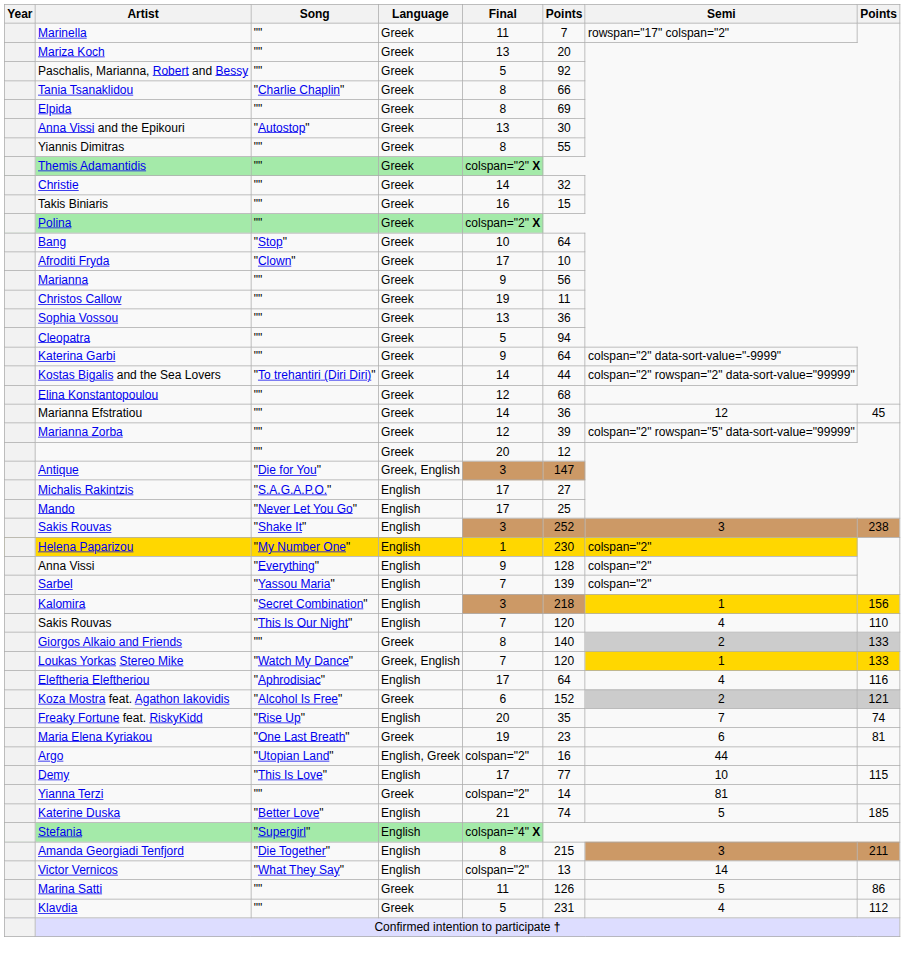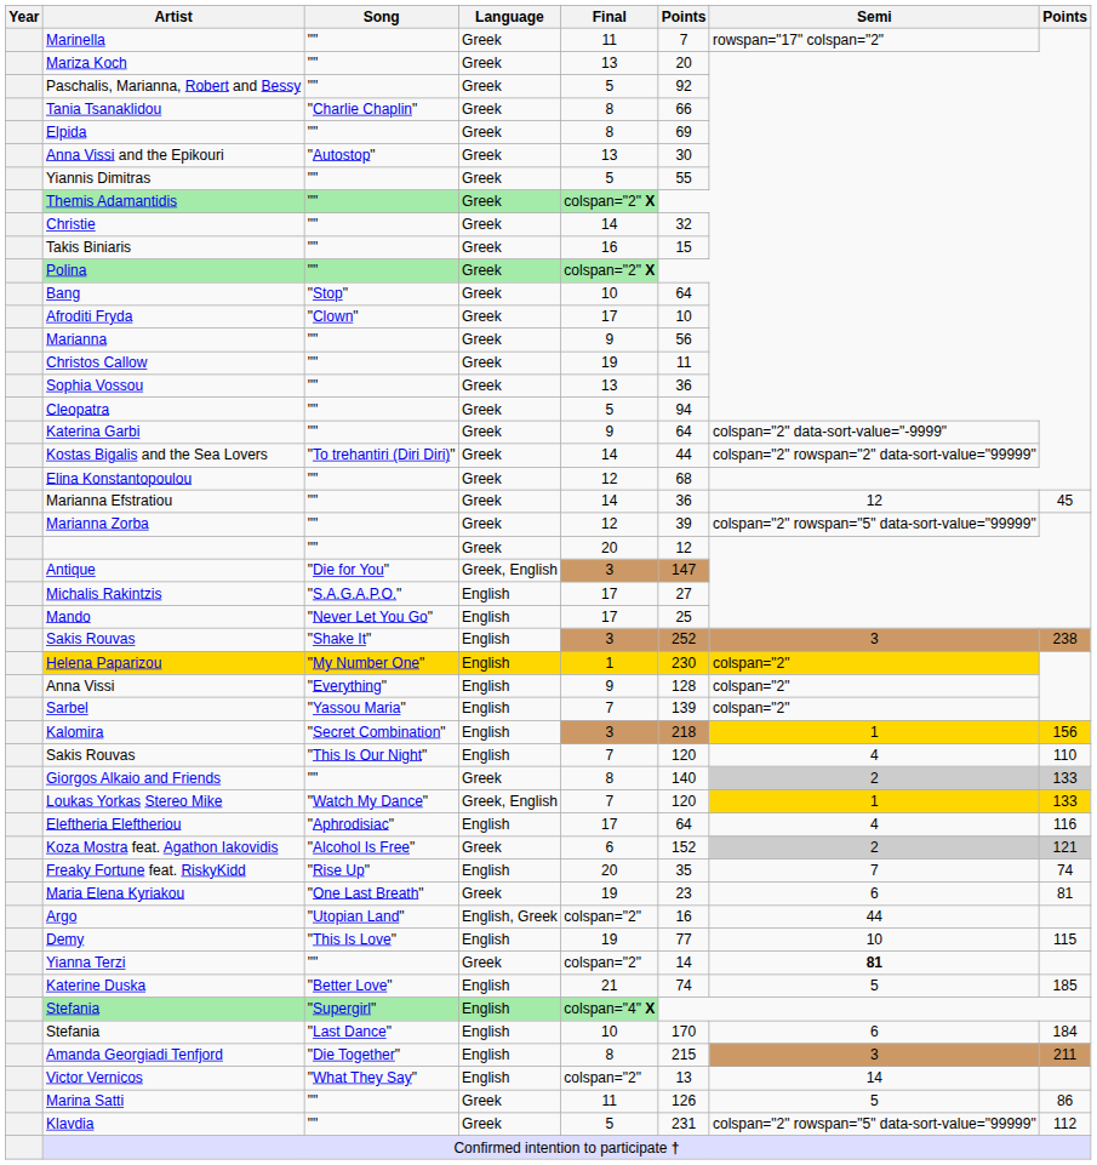 <table class="wikitable sortable plainrowheaders">
 <tr>
 <th scope="col">Year</th>
 <th scope="col">Artist</th>
 <th scope="col">Song</th>
 <th scope="col">Language</th>
 <th scope="col" data-sort-type="number">Final</th>
 <th scope="col" data-sort-type="number">Points</th>
 <th scope="col" data-sort-type="number">Semi</th>
 <th scope="col" data-sort-type="number">Points</th>
 </tr>
 <tr>
 <th scope="row" style="text-align:center;"></th>
 <td><a href='#'>Marinella</a></td>
 <td>"" </td>
 <td>Greek</td>
 <td style="text-align:center;">11</td>
 <td style="text-align:center;">7</td>
 <td>rowspan="17" colspan="2" </td>
 </tr>
 <tr>
 <th scope="row" style="text-align:center;"></th>
 <td><a href='#'>Mariza Koch</a></td>
 <td>"" </td>
 <td>Greek</td>
 <td style="text-align:center;">13</td>
 <td style="text-align:center;">20</td>
 </tr>
 <tr>
 <th scope="row" style="text-align:center;"></th>
 <td>Paschalis, Marianna, <a href='#'>Robert</a> and <a href='#'>Bessy</a></td>
 <td>"" </td>
 <td>Greek</td>
 <td style="text-align:center;">5</td>
 <td style="text-align:center;">92</td>
 </tr>
 <tr>
 <th scope="row" style="text-align:center;"></th>
 <td><a href='#'>Tania Tsanaklidou</a></td>
 <td>"<a href='#'>Charlie Chaplin</a>" </td>
 <td>Greek</td>
 <td style="text-align:center;">8</td>
 <td style="text-align:center;">66</td>
 </tr>
 <tr>
 <th scope="row" style="text-align:center;"></th>
 <td><a href='#'>Elpida</a></td>
 <td>"" </td>
 <td>Greek</td>
 <td style="text-align:center;">8</td>
 <td style="text-align:center;">69</td>
 </tr>
 <tr>
 <th scope="row" style="text-align:center;"></th>
 <td><a href='#'>Anna Vissi</a> and the Epikouri</td>
 <td>"<a href='#'>Autostop</a>" </td>
 <td>Greek</td>
 <td style="text-align:center;">13</td>
 <td style="text-align:center;">30</td>
 </tr>
 <tr>
 <th scope="row" style="text-align:center;"></th>
 <td>Yiannis Dimitras</td>
 <td>"" </td>
 <td>Greek</td>
-<td style="text-align:center;">8</td>
+<td style="text-align:center;">5</td>
 <td style="text-align:center;">55</td>
 </tr>
 <tr style="background-color:#A4EAA9;">
 <th scope="row" style="text-align:center;"></th>
 <td><a href='#'>Themis Adamantidis</a></td>
 <td>"" </td>
 <td>Greek</td>
 <td>colspan="2"  <strong>X</strong></td>
 </tr>
 <tr>
 <th scope="row" style="text-align:center;"></th>
 <td><a href='#'>Christie</a></td>
 <td>"" </td>
 <td>Greek</td>
 <td style="text-align:center;">14</td>
 <td style="text-align:center;">32</td>
 </tr>
 <tr>
 <th scope="row" style="text-align:center;"></th>
 <td>Takis Biniaris</td>
 <td>"" </td>
 <td>Greek</td>
 <td style="text-align:center;">16</td>
 <td style="text-align:center;">15</td>
 </tr>
 <tr style="background-color:#A4EAA9;">
 <th scope="row" style="text-align:center;"></th>
 <td><a href='#'>Polina</a></td>
 <td>"" </td>
 <td>Greek</td>
 <td>colspan="2"  <strong>X</strong></td>
 </tr>
 <tr>
 <th scope="row" style="text-align:center;"></th>
 <td><a href='#'>Bang</a></td>
 <td>"<a href='#'>Stop</a>" </td>
 <td>Greek</td>
 <td style="text-align:center;">10</td>
 <td style="text-align:center;">64</td>
 </tr>
 <tr>
 <th scope="row" style="text-align:center;"></th>
 <td><a href='#'>Afroditi Fryda</a></td>
 <td>"<a href='#'>Clown</a>" </td>
 <td>Greek</td>
 <td style="text-align:center;">17</td>
 <td style="text-align:center;">10</td>
 </tr>
 <tr>
 <th scope="row" style="text-align:center;"></th>
 <td><a href='#'>Marianna</a></td>
 <td>"" </td>
 <td>Greek</td>
 <td style="text-align:center;">9</td>
 <td style="text-align:center;">56</td>
 </tr>
 <tr>
 <th scope="row" style="text-align:center;"></th>
 <td><a href='#'>Christos Callow</a></td>
 <td>"" </td>
 <td>Greek</td>
 <td style="text-align:center;">19</td>
 <td style="text-align:center;">11</td>
 </tr>
 <tr>
 <th scope="row" style="text-align:center;"></th>
 <td><a href='#'>Sophia Vossou</a></td>
 <td>"" </td>
 <td>Greek</td>
 <td style="text-align:center;">13</td>
 <td style="text-align:center;">36</td>
 </tr>
 <tr>
 <th scope="row" style="text-align:center;"></th>
 <td><a href='#'>Cleopatra</a></td>
 <td>"" </td>
 <td>Greek</td>
 <td style="text-align:center;">5</td>
 <td style="text-align:center;">94</td>
 </tr>
 <tr>
 <th scope="row" style="text-align:center;"></th>
 <td><a href='#'>Katerina Garbi</a></td>
 <td>"" </td>
 <td>Greek</td>
 <td style="text-align:center;">9</td>
 <td style="text-align:center;">64</td>
 <td>colspan="2" data-sort-value="-9999" </td>
 </tr>
 <tr>
 <th scope="row" style="text-align:center;"></th>
 <td><a href='#'>Kostas Bigalis</a> and the Sea Lovers</td>
 <td>"<a href='#'><span>To trehantiri</span> (Diri Diri)</a>" </td>
 <td>Greek</td>
 <td style="text-align:center;">14</td>
 <td style="text-align:center;">44</td>
 <td>colspan="2" rowspan="2" data-sort-value="99999" </td>
 </tr>
 <tr>
 <th scope="row" style="text-align:center;"></th>
 <td><a href='#'>Elina Konstantopoulou</a></td>
 <td>"" </td>
 <td>Greek</td>
 <td style="text-align:center;">12</td>
 <td style="text-align:center;">68</td>
 </tr>
 <tr>
 <th scope="row" style="text-align:center;"></th>
 <td>Marianna Efstratiou</td>
 <td>"" </td>
 <td>Greek</td>
 <td style="text-align:center;">14</td>
 <td style="text-align:center;">36</td>
 <td style="text-align:center;">12</td>
 <td style="text-align:center;">45</td>
 </tr>
 <tr>
 <th scope="row" style="text-align:center;"></th>
 <td><a href='#'>Marianna Zorba</a></td>
 <td>"" </td>
 <td>Greek</td>
 <td style="text-align:center;">12</td>
 <td style="text-align:center;">39</td>
 <td>colspan="2" rowspan="5" data-sort-value="99999" </td>
 </tr>
 <tr>
 <th scope="row" style="text-align:center;"></th>
 <td></td>
 <td>"" </td>
 <td>Greek</td>
 <td style="text-align:center;">20</td>
 <td style="text-align:center;">12</td>
 </tr>
 <tr>
 <th scope="row" style="text-align:center;"></th>
 <td><a href='#'>Antique</a></td>
 <td>"<a href='#'>Die for You</a>"</td>
 <td>Greek, English</td>
 <td style="text-align:center; background-color:#C96;">3</td>
 <td style="text-align:center; background-color:#C96;">147</td>
 </tr>
 <tr>
 <th scope="row" style="text-align:center;"></th>
 <td><a href='#'>Michalis Rakintzis</a></td>
 <td>"<a href='#'>S.A.G.A.P.O.</a>"</td>
 <td>English</td>
 <td style="text-align:center;">17</td>
 <td style="text-align:center;">27</td>
 </tr>
 <tr>
 <th scope="row" style="text-align:center;"></th>
 <td><a href='#'>Mando</a></td>
 <td>"<a href='#'>Never Let You Go</a>"</td>
 <td>English</td>
 <td style="text-align:center;">17</td>
 <td style="text-align:center;">25</td>
 </tr>
 <tr>
 <th scope="row" style="text-align:center;"></th>
 <td><a href='#'>Sakis Rouvas</a></td>
 <td>"<a href='#'>Shake It</a>"</td>
 <td>English</td>
 <td style="text-align:center; background-color:#C96;">3</td>
 <td style="text-align:center; background-color:#C96;">252</td>
 <td style="text-align:center; background-color:#C96;">3</td>
 <td style="text-align:center; background-color:#C96;">238</td>
 </tr>
 <tr style="background-color:#FFD700;">
 <th scope="row" style="text-align:center;"></th>
 <td><a href='#'>Helena Paparizou</a></td>
 <td>"<a href='#'>My Number One</a>"</td>
 <td>English</td>
 <td style="text-align:center;">1</td>
 <td style="text-align:center;">230</td>
 <td>colspan="2" </td>
 </tr>
 <tr>
 <th scope="row" style="text-align:center;"></th>
 <td>Anna Vissi</td>
 <td>"<a href='#'>Everything</a>"</td>
 <td>English</td>
 <td style="text-align:center;">9</td>
 <td style="text-align:center;">128</td>
 <td>colspan="2" </td>
 </tr>
 <tr>
 <th scope="row" style="text-align:center;"></th>
 <td><a href='#'>Sarbel</a></td>
 <td>"<a href='#'>Yassou Maria</a>" </td>
 <td>English</td>
 <td style="text-align:center;">7</td>
 <td style="text-align:center;">139</td>
 <td>colspan="2" </td>
 </tr>
 <tr>
 <th scope="row" style="text-align:center;"></th>
 <td><a href='#'>Kalomira</a></td>
 <td>"<a href='#'>Secret Combination</a>"</td>
 <td>English</td>
 <td style="text-align:center; background-color:#C96;">3</td>
 <td style="text-align:center; background-color:#C96;">218</td>
 <td style="text-align:center; background-color:#FFD700;">1</td>
 <td style="text-align:center; background-color:#FFD700;">156</td>
 </tr>
 <tr>
 <th scope="row" style="text-align:center;"></th>
 <td>Sakis Rouvas</td>
 <td>"<a href='#'>This Is Our Night</a>"</td>
 <td>English</td>
 <td style="text-align:center;">7</td>
 <td style="text-align:center;">120</td>
 <td style="text-align:center;">4</td>
 <td style="text-align:center;">110</td>
 </tr>
 <tr>
 <th scope="row" style="text-align:center;"></th>
 <td><a href='#'>Giorgos Alkaio and Friends</a></td>
 <td>"" </td>
 <td>Greek</td>
 <td style="text-align:center;">8</td>
 <td style="text-align:center;">140</td>
 <td style="text-align:center; background-color:#CCC;">2</td>
 <td style="text-align:center; background-color:#CCC;">133</td>
 </tr>
 <tr>
 <th scope="row" style="text-align:center;"></th>
 <td><a href='#'>Loukas Yorkas</a>  <a href='#'>Stereo Mike</a></td>
 <td>"<a href='#'>Watch My Dance</a>"</td>
 <td>Greek, English</td>
 <td style="text-align:center;">7</td>
 <td style="text-align:center;">120</td>
 <td style="text-align:center; background-color:#FFD700;">1</td>
 <td style="text-align:center; background-color:#FFD700;">133</td>
 </tr>
 <tr>
 <th scope="row" style="text-align:center;"></th>
 <td><a href='#'>Eleftheria Eleftheriou</a></td>
 <td>"<a href='#'>Aphrodisiac</a>"</td>
 <td>English</td>
 <td style="text-align:center;">17</td>
 <td style="text-align:center;">64</td>
 <td style="text-align:center;">4</td>
 <td style="text-align:center;">116</td>
 </tr>
 <tr>
 <th scope="row" style="text-align:center;"></th>
 <td><a href='#'>Koza Mostra</a> feat. <a href='#'>Agathon Iakovidis</a></td>
 <td>"<a href='#'>Alcohol Is Free</a>"</td>
 <td>Greek</td>
 <td style="text-align:center;">6</td>
 <td style="text-align:center;">152</td>
 <td style="text-align:center; background-color:#CCC;">2</td>
 <td style="text-align:center; background-color:#CCC;">121</td>
 </tr>
 <tr>
 <th scope="row" style="text-align:center;"></th>
 <td><a href='#'>Freaky Fortune</a> feat. <a href='#'>RiskyKidd</a></td>
 <td>"<a href='#'>Rise Up</a>"</td>
 <td>English</td>
 <td style="text-align:center;">20</td>
 <td style="text-align:center;">35</td>
 <td style="text-align:center;">7</td>
 <td style="text-align:center;">74</td>
 </tr>
 <tr>
 <th scope="row" style="text-align:center;"></th>
 <td><a href='#'>Maria Elena Kyriakou</a></td>
 <td>"<a href='#'>One Last Breath</a>"</td>
 <td>Greek</td>
 <td style="text-align:center;">19</td>
 <td style="text-align:center;">23</td>
 <td style="text-align:center;">6</td>
 <td style="text-align:center;">81</td>
 </tr>
 <tr>
 <th scope="row" style="text-align:center;"></th>
 <td><a href='#'>Argo</a></td>
 <td>"<a href='#'>Utopian Land</a>"</td>
 <td>English, Greek</td>
 <td>colspan="2" </td>
 <td style="text-align:center;">16</td>
 <td style="text-align:center;">44</td>
 </tr>
 <tr>
 <th scope="row" style="text-align:center;"></th>
 <td><a href='#'>Demy</a></td>
 <td>"<a href='#'>This Is Love</a>"</td>
 <td>English</td>
-<td style="text-align:center;">17</td>
+<td style="text-align:center;">19</td>
 <td style="text-align:center;">77</td>
 <td style="text-align:center;">10</td>
 <td style="text-align:center;">115</td>
 </tr>
 <tr>
 <th scope="row" style="text-align:center;"></th>
 <td><a href='#'>Yianna Terzi</a></td>
 <td>"" </td>
 <td>Greek</td>
 <td>colspan="2" </td>
 <td style="text-align:center;">14</td>
-<td style="text-align:center;">81</td>
+<td style="text-align:center;"><strong>81</strong></td>
 </tr>
 <tr>
 <th scope="row" style="text-align:center;"></th>
 <td><a href='#'>Katerine Duska</a></td>
 <td>"<a href='#'>Better Love</a>"</td>
 <td>English</td>
 <td style="text-align:center;">21</td>
 <td style="text-align:center;">74</td>
 <td style="text-align:center;">5</td>
 <td style="text-align:center;">185</td>
 </tr>
 <tr style="background-color:#A4EAA9;">
 <th scope="row" style="text-align:center;"></th>
 <td><a href='#'>Stefania</a></td>
 <td>"<a href='#'>Supergirl</a>"</td>
 <td>English</td>
 <td>colspan="4"  <strong>X</strong></td>
+</tr>
+<tr>
+<th scope="row" style="text-align:center;"></th>
+<td>Stefania</td>
+<td>"<a href='#'>Last Dance</a>"</td>
+<td>English</td>
+<td style="text-align:center;">10</td>
+<td style="text-align:center;">170</td>
+<td style="text-align:center;">6</td>
+<td style="text-align:center;">184</td>
 </tr>
 <tr>
 <th scope="row" style="text-align:center;"></th>
 <td><a href='#'>Amanda Georgiadi Tenfjord</a></td>
 <td>"<a href='#'>Die Together</a>"</td>
 <td>English</td>
 <td style="text-align:center;">8</td>
 <td style="text-align:center;">215</td>
 <td style="text-align:center; background-color:#C96;">3</td>
 <td style="text-align:center; background-color:#C96;">211</td>
 </tr>
 <tr>
 <th scope="row" style="text-align:center;"></th>
 <td><a href='#'>Victor Vernicos</a></td>
 <td>"<a href='#'>What They Say</a>"</td>
 <td>English</td>
 <td>colspan="2" </td>
 <td style="text-align:center;">13</td>
 <td style="text-align:center;">14</td>
 </tr>
 <tr>
 <th scope="row" style="text-align:center;"></th>
 <td><a href='#'>Marina Satti</a></td>
 <td>"" </td>
 <td>Greek</td>
 <td style="text-align:center;">11</td>
 <td style="text-align:center;">126</td>
 <td style="text-align:center;">5</td>
 <td style="text-align:center;">86</td>
 </tr>
 <tr>
 <th scope="row" style="text-align:center;"></th>
 <td><a href='#'>Klavdia</a></td>
 <td>"" </td>
 <td>Greek</td>
 <td style="text-align:center;">5</td>
 <td style="text-align:center;">231</td>
-<td style="text-align:center;">4</td>
+<td>colspan="2" rowspan="5" data-sort-value="99999" </td>
 <td style="text-align:center;">112</td>
 </tr>
 <tr bgcolor=#ddf>
 <th scope="row" style="text-align:center;"></th>
 <td colspan="7" align="center">Confirmed intention to participate <strong>†</strong></td>
 </tr>
 </table>
